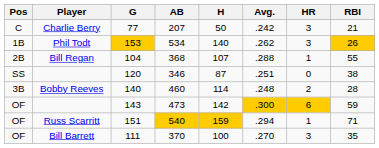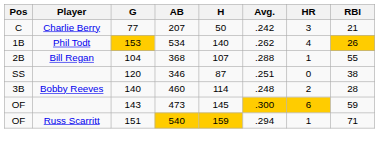 <table class="wikitable sortable">
 <tr>
 <th bgcolor="#DDDDFF" width="5%">Pos</th>
 <th bgcolor="#DDDDFF" width="16%">Player</th>
 <th bgcolor="#DDDDFF" width="9%">G</th>
 <th bgcolor="#DDDDFF" width="9%">AB</th>
 <th bgcolor="#DDDDFF" width="9%">H</th>
 <th bgcolor="#DDDDFF" width="9%">Avg.</th>
 <th bgcolor="#DDDDFF" width="9%">HR</th>
 <th bgcolor="#DDDDFF" width="9%">RBI</th>
 </tr>
 <tr align="center">
 <td>C</td>
 <td><a href='#'>Charlie Berry</a></td>
 <td>77</td>
 <td>207</td>
 <td>50</td>
 <td>.242</td>
 <td>3</td>
 <td>21</td>
 </tr>
 <tr align=center>
 <td>1B</td>
 <td><a href='#'>Phil Todt</a></td>
 <td style="background:#fc0;">153</td>
 <td>534</td>
 <td>140</td>
 <td>.262</td>
-<td>3</td>
+<td>4</td>
 <td style="background:#fc0;">26</td>
 </tr>
 <tr align=center>
 <td>2B</td>
 <td><a href='#'>Bill Regan</a></td>
 <td>104</td>
 <td>368</td>
 <td>107</td>
 <td>.288</td>
 <td>1</td>
 <td>55</td>
 </tr>
 <tr align=center>
 <td>SS</td>
 <td></td>
 <td>120</td>
 <td>346</td>
 <td>87</td>
 <td>.251</td>
 <td>0</td>
 <td>38</td>
 </tr>
 <tr align="center">
 <td>3B</td>
 <td><a href='#'>Bobby Reeves</a></td>
 <td>140</td>
 <td>460</td>
 <td>114</td>
 <td>.248</td>
 <td>2</td>
 <td>28</td>
 </tr>
 <tr align=center>
 <td>OF</td>
 <td></td>
 <td>143</td>
 <td>473</td>
-<td>142</td>
+<td>145</td>
 <td style="background:#fc0;">.300</td>
 <td style="background:#fc0;">6</td>
 <td>59</td>
 </tr>
 <tr align="center">
 <td>OF</td>
 <td><a href='#'>Russ Scarritt</a></td>
 <td>151</td>
 <td style="background:#fc0;">540</td>
 <td style="background:#fc0;">159</td>
 <td>.294</td>
 <td>1</td>
 <td>71</td>
 </tr>
-<tr align=center>
-<td>OF</td>
-<td><a href='#'>Bill Barrett</a></td>
-<td>111</td>
-<td>370</td>
-<td>100</td>
-<td>.270</td>
-<td>3</td>
-<td>35</td>
-</tr>
 </table>
